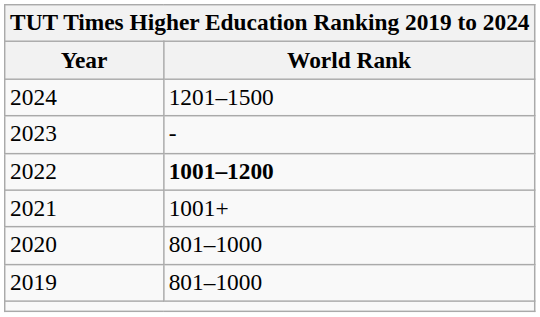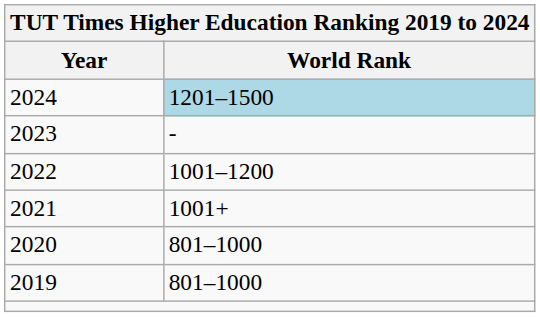 <table class="wikitable">
 <tr>
 <th colspan="2"><strong>TUT Times Higher Education Ranking 2019 to 2024</strong></th>
 </tr>
 <tr>
 <th>Year</th>
 <th>World Rank</th>
 </tr>
 <tr>
 <td>2024</td>
-<td>1201–1500</td>
+<td style="background: lightblue;">1201–1500</td>
 </tr>
 <tr>
 <td>2023</td>
 <td>-</td>
 </tr>
 <tr>
 <td>2022</td>
-<td><strong>1001–1200</strong></td>
+<td>1001–1200</td>
 </tr>
 <tr>
 <td>2021</td>
 <td>1001+</td>
 </tr>
 <tr>
 <td>2020</td>
 <td>801–1000</td>
 </tr>
 <tr>
 <td>2019</td>
 <td>801–1000</td>
 </tr>
 <tr>
 <td colspan="2"></td>
 </tr>
 </table>
